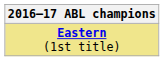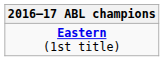 <table class="wikitable" style="text-align: center; margin: 0 auto;">
 <tr>
 <th>2016–17 ABL champions</th>
 </tr>
 <tr>
-<td style="background: khaki;"><strong><a href='#'>Eastern</a></strong><br> (1st title)</td>
+<td><strong><a href='#'>Eastern</a></strong><br> (1st title)</td>
 </tr>
 </table>
